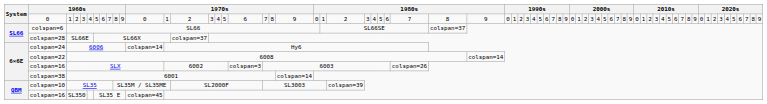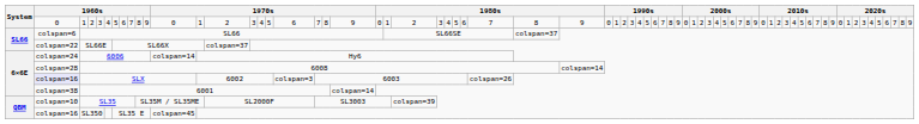 <table class="wikitable" style="font-size:75%;text-align:center;">
 <tr>
 <th rowspan=2>System</th>
 <th colspan=10>1960s</th>
 <th colspan=10>1970s</th>
 <th colspan=10>1980s</th>
 <th colspan=10>1990s</th>
 <th colspan=10>2000s</th>
 <th colspan=10>2010s</th>
 <th colspan=10>2020s</th>
 </tr>
 <tr>
 <td>0</td>
 <td>1</td>
 <td>2</td>
 <td>3</td>
 <td>4</td>
 <td>5</td>
 <td>6</td>
 <td>7</td>
 <td>8</td>
 <td>9</td>
 <td>0</td>
 <td>1</td>
 <td>2</td>
 <td>3</td>
 <td>4</td>
 <td>5</td>
 <td>6</td>
 <td>7</td>
 <td>8</td>
 <td>9</td>
 <td>0</td>
 <td>1</td>
 <td>2</td>
 <td>3</td>
 <td>4</td>
 <td>5</td>
 <td>6</td>
 <td>7</td>
 <td>8</td>
 <td>9</td>
 <td>0</td>
 <td>1</td>
 <td>2</td>
 <td>3</td>
 <td>4</td>
 <td>5</td>
 <td>6</td>
 <td>7</td>
 <td>8</td>
 <td>9</td>
 <td>0</td>
 <td>1</td>
 <td>2</td>
 <td>3</td>
 <td>4</td>
 <td>5</td>
 <td>6</td>
 <td>7</td>
 <td>8</td>
 <td>9</td>
 <td>0</td>
 <td>1</td>
 <td>2</td>
 <td>3</td>
 <td>4</td>
 <td>5</td>
 <td>6</td>
 <td>7</td>
 <td>8</td>
 <td>9</td>
 <td>0</td>
 <td>1</td>
 <td>2</td>
 <td>3</td>
 <td>4</td>
 <td>5</td>
 <td>6</td>
 <td>7</td>
 <td>8</td>
 <td>9</td>
 </tr>
 <tr>
 <th rowspan=2><a href='#'>SL66</a></th>
 <td>colspan=6 </td>
 <td colspan=20>SL66</td>
 <td colspan=7>SL66SE</td>
 <td>colspan=37 </td>
 </tr>
 <tr>
-<td>colspan=28 </td>
+<td>colspan=22 </td>
 <td colspan=4>SL66E</td>
 <td colspan=7>SL66X</td>
 <td>colspan=37 </td>
 </tr>
 <tr>
 <th rowspan=4>6×6E</th>
 <td>colspan=24 </td>
 <td colspan=9><a href='#'>6006</a></td>
 <td>colspan=14 </td>
 <td colspan=17>Hy6</td>
 </tr>
 <tr>
-<td>colspan=22 </td>
+<td>colspan=28 </td>
 <td colspan=28>6008</td>
 <td>colspan=14 </td>
 </tr>
 <tr>
-<td>colspan=16 </td>
+<td style="background: lavender;">colspan=16 </td>
 <td colspan=10><a href='#'>SLX</a></td>
 <td colspan=5>6002</td>
 <td>colspan=3 </td>
 <td colspan=10>6003</td>
 <td>colspan=26 </td>
 </tr>
 <tr>
 <td>colspan=38 </td>
 <td colspan=18>6001</td>
 <td>colspan=14 </td>
 </tr>
 <tr>
 <th rowspan=2><a href='#'>QBM</a></th>
 <td>colspan=10 </td>
 <td colspan=7><a href='#'>SL35</a></td>
 <td colspan=4>SL35M / SL35ME</td>
 <td colspan=5>SL2000F</td>
 <td colspan=5>SL3003</td>
 <td>colspan=39 </td>
 </tr>
 <tr>
 <td>colspan=16 </td>
 <td colspan=3>SL350</td>
 <td></td>
 <td colspan=5>SL35 E</td>
 <td>colspan=45 </td>
 </tr>
 </table>
